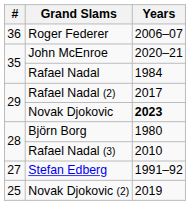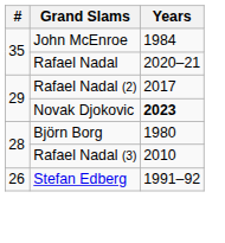 <table class="wikitable" style="display:inline-table;">
 <tr>
 <th width=20>#</th>
 <th>Grand Slams</th>
 <th>Years</th>
 </tr>
 <tr>
-<td>36</td>
-<td> Roger Federer</td>
-<td>2006–07</td>
-</tr>
-<tr>
 <td rowspan="2">35</td>
 <td> John McEnroe</td>
-<td>2020–21</td>
+<td>1984</td>
 </tr>
 <tr>
 <td> Rafael Nadal</td>
-<td>1984</td>
+<td>2020–21</td>
 </tr>
 <tr>
 <td rowspan="2">29</td>
 <td> Rafael Nadal <small>(2)</small></td>
 <td>2017</td>
 </tr>
 <tr>
 <td> Novak Djokovic</td>
 <td><strong>2023</strong></td>
 </tr>
 <tr>
 <td rowspan="2">28</td>
 <td> Björn Borg</td>
 <td>1980</td>
 </tr>
 <tr>
 <td> Rafael Nadal  <small>(3)</small></td>
 <td>2010</td>
 </tr>
 <tr>
-<td>27</td>
+<td>26</td>
 <td> <a href='#'>Stefan Edberg</a></td>
 <td>1991–92</td>
 </tr>
-<tr>
-<td>25</td>
-<td> Novak Djokovic <small>(2)</small></td>
-<td>2019</td>
-</tr>
 </table>
